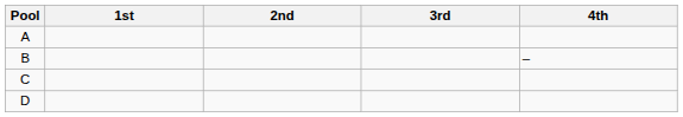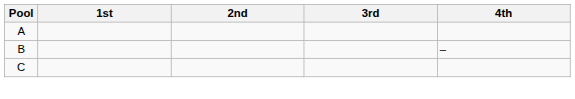 <table class="wikitable" style="text-align:left;">
 <tr>
 <th width=40>Pool</th>
 <th width=180>1st</th>
 <th width=180>2nd</th>
 <th width=180>3rd</th>
 <th width=180>4th</th>
 </tr>
 <tr>
 <td style="text-align:center">A</td>
 <td></td>
 <td></td>
 <td></td>
 <td></td>
 </tr>
 <tr>
 <td style="text-align:center">B</td>
 <td></td>
 <td></td>
 <td></td>
 <td>–</td>
 </tr>
 <tr>
 <td style="text-align:center">C</td>
 <td></td>
 <td></td>
 <td></td>
 <td></td>
 </tr>
-<tr>
-<td style="text-align:center">D</td>
-<td></td>
-<td></td>
-<td></td>
-<td></td>
-</tr>
 </table>
